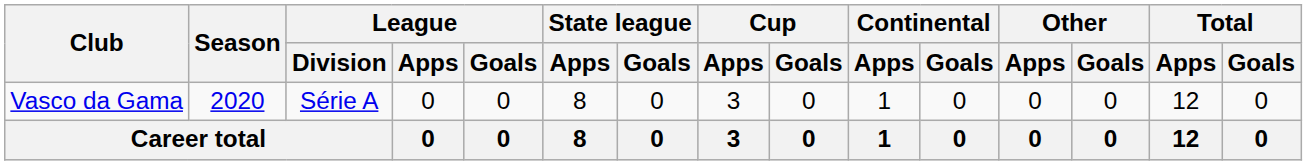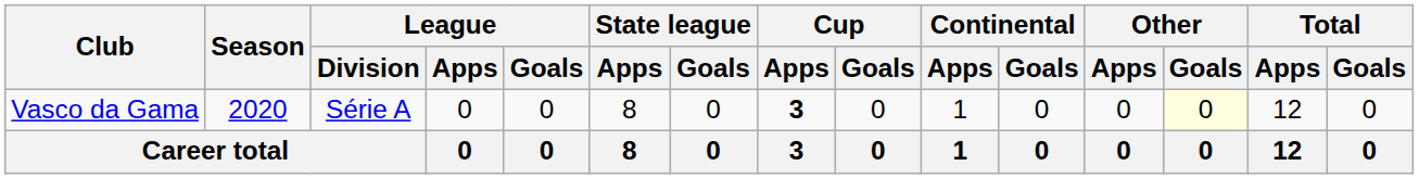 <table class="wikitable" style="text-align: center">
 <tr>
 <th rowspan="2">Club</th>
 <th rowspan="2">Season</th>
 <th colspan="3">League</th>
 <th colspan="2">State league</th>
 <th colspan="2">Cup</th>
 <th colspan="2">Continental</th>
 <th colspan="2">Other</th>
 <th colspan="2">Total</th>
 </tr>
 <tr>
 <th>Division</th>
 <th>Apps</th>
 <th>Goals</th>
 <th>Apps</th>
 <th>Goals</th>
 <th>Apps</th>
 <th>Goals</th>
 <th>Apps</th>
 <th>Goals</th>
 <th>Apps</th>
 <th>Goals</th>
 <th>Apps</th>
 <th>Goals</th>
 </tr>
 <tr>
 <td><a href='#'>Vasco da Gama</a></td>
 <td><a href='#'>2020</a></td>
 <td><a href='#'>Série A</a></td>
 <td>0</td>
 <td>0</td>
 <td>8</td>
 <td>0</td>
-<td>3</td>
+<td><strong>3</strong></td>
 <td>0</td>
 <td>1</td>
 <td>0</td>
 <td>0</td>
-<td>0</td>
+<td style="background: lightyellow;">0</td>
 <td>12</td>
 <td>0</td>
 </tr>
 <tr>
 <th colspan="3"><strong>Career total</strong></th>
 <th>0</th>
 <th>0</th>
 <th>8</th>
 <th>0</th>
 <th>3</th>
 <th>0</th>
 <th>1</th>
 <th>0</th>
 <th>0</th>
 <th>0</th>
 <th>12</th>
 <th>0</th>
 </tr>
 </table>
